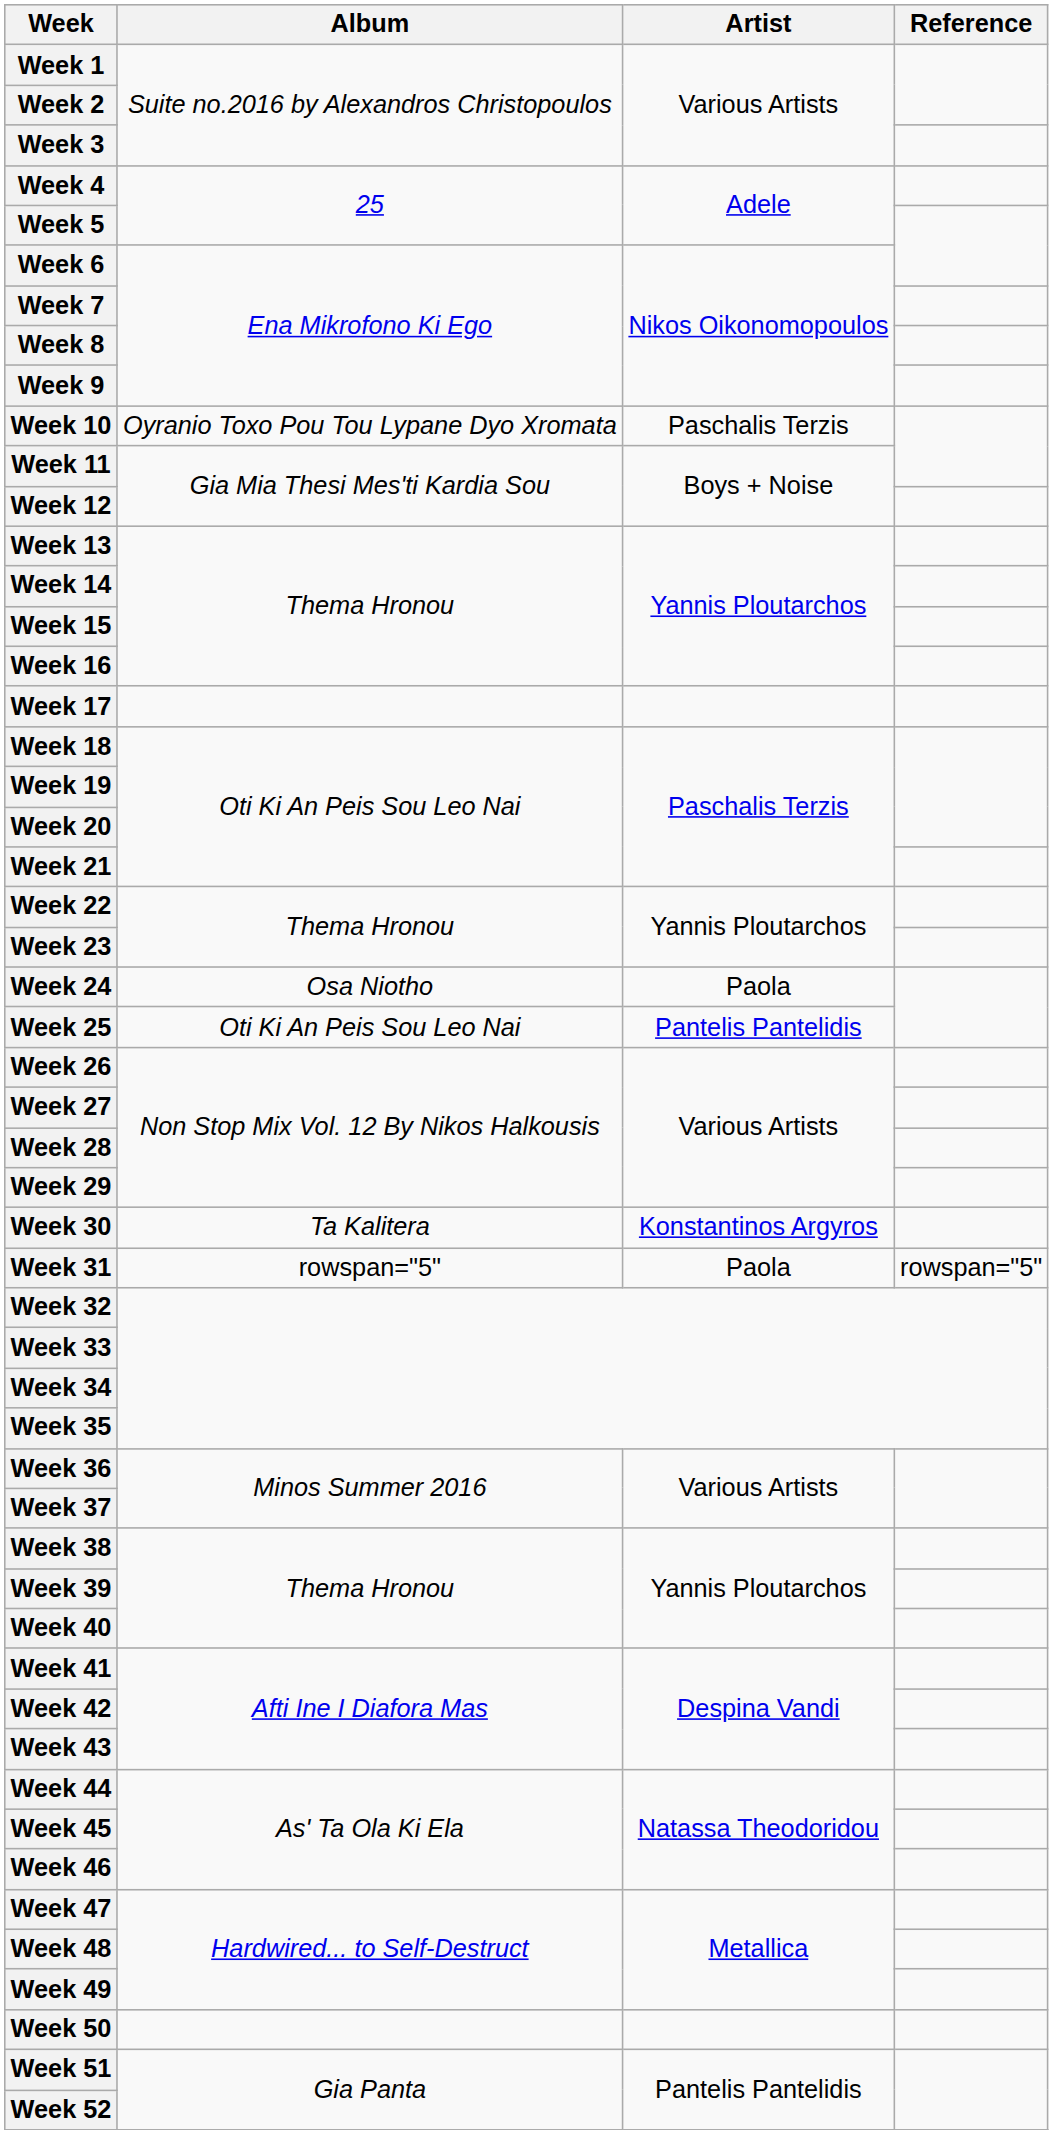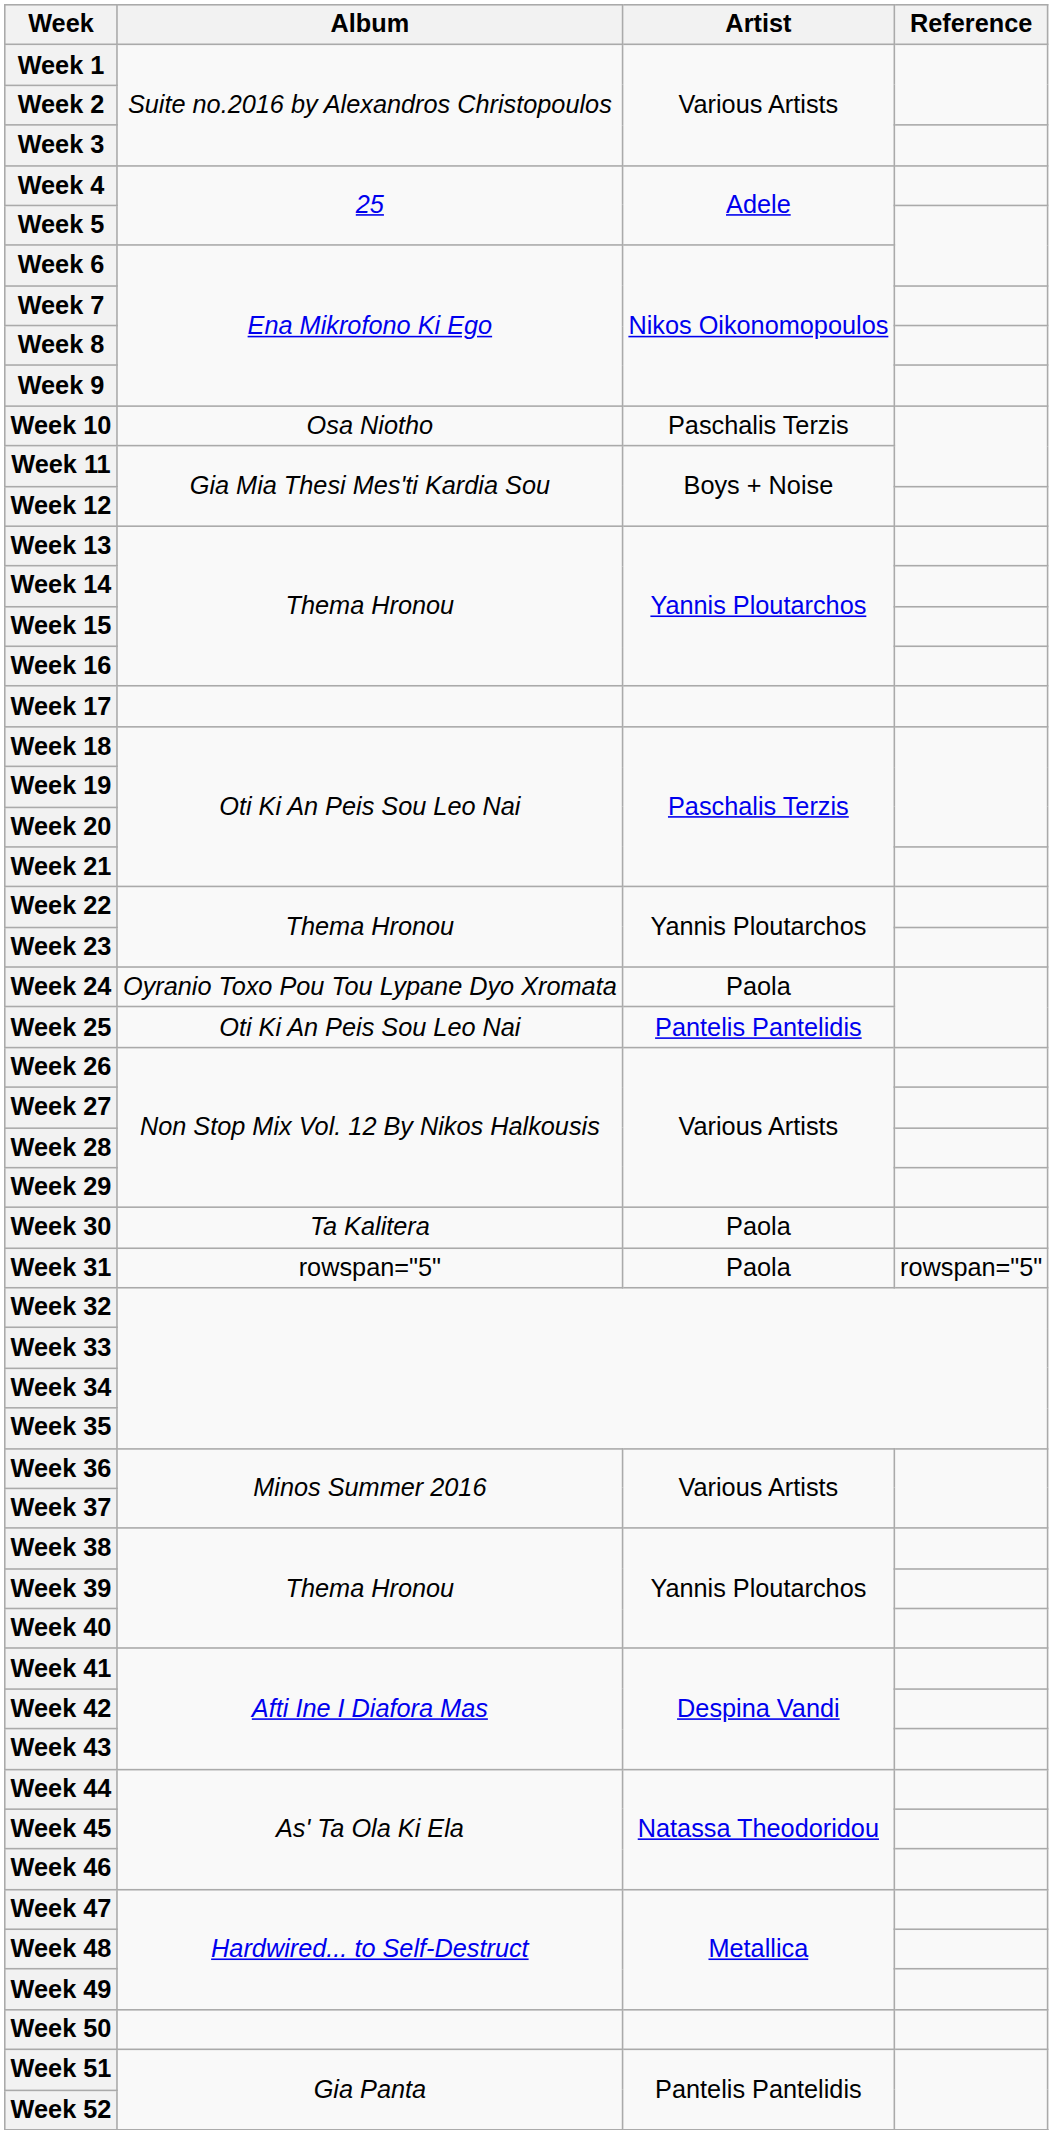 <table class="wikitable plainrowheaders" style="text-align:center;">
 <tr>
 <th>Week</th>
 <th>Album</th>
 <th>Artist</th>
 <th>Reference</th>
 </tr>
 <tr>
 <th scope="row">Week 1</th>
 <td rowspan="3"><em>Suite no.2016 by Alexandros Christopoulos</em></td>
 <td rowspan="3">Various Artists</td>
 <td rowspan="2"></td>
 </tr>
 <tr>
 <th scope="row">Week 2</th>
 </tr>
 <tr>
 <th scope="row">Week 3</th>
 <td></td>
 </tr>
 <tr>
 <th scope="row">Week 4</th>
 <td rowspan="2"><em><a href='#'>25</a></em></td>
 <td rowspan="2"><a href='#'>Adele</a></td>
 <td></td>
 </tr>
 <tr>
 <th scope="row">Week 5</th>
 <td rowspan="2"></td>
 </tr>
 <tr>
 <th scope="row">Week 6</th>
 <td rowspan="4"><em><a href='#'>Ena Mikrofono Ki Ego</a></em></td>
 <td rowspan="4"><a href='#'>Nikos Oikonomopoulos</a></td>
 </tr>
 <tr>
 <th scope="row">Week 7</th>
 <td></td>
 </tr>
 <tr>
 <th scope="row">Week 8</th>
 <td></td>
 </tr>
 <tr>
 <th scope="row">Week 9</th>
 <td></td>
 </tr>
 <tr>
 <th scope="row">Week 10</th>
-<td><em>Oyranio Toxo Pou Tou Lypane Dyo Xromata</em></td>
+<td><em>Osa Niotho</em></td>
 <td>Paschalis Terzis</td>
 <td rowspan="2"></td>
 </tr>
 <tr>
 <th scope="row">Week 11</th>
 <td rowspan="2"><em>Gia Mia Thesi Mes'ti Kardia Sou</em></td>
 <td rowspan="2">Boys + Noise</td>
 </tr>
 <tr>
 <th scope="row">Week 12</th>
 <td></td>
 </tr>
 <tr>
 <th scope="row">Week 13</th>
 <td rowspan="4"><em>Thema Hronou</em></td>
 <td rowspan="4"><a href='#'>Yannis Ploutarchos</a></td>
 <td></td>
 </tr>
 <tr>
 <th scope="row">Week 14</th>
 <td></td>
 </tr>
 <tr>
 <th scope="row">Week 15</th>
 <td></td>
 </tr>
 <tr>
 <th scope="row">Week 16</th>
 <td></td>
 </tr>
 <tr>
 <th scope="row">Week 17</th>
 <td></td>
 <td></td>
 <td></td>
 </tr>
 <tr>
 <th scope="row">Week 18</th>
 <td rowspan="4"><em>Oti Ki An Peis Sou Leo Nai</em></td>
 <td rowspan="4"><a href='#'>Paschalis Terzis</a></td>
 <td rowspan="3"></td>
 </tr>
 <tr>
 <th scope="row">Week 19</th>
 </tr>
 <tr>
 <th scope="row">Week 20</th>
 </tr>
 <tr>
 <th scope="row">Week 21</th>
 <td></td>
 </tr>
 <tr>
 <th scope="row">Week 22</th>
 <td rowspan="2"><em>Thema Hronou</em></td>
 <td rowspan="2">Yannis Ploutarchos</td>
 <td></td>
 </tr>
 <tr>
 <th scope="row">Week 23</th>
 <td></td>
 </tr>
 <tr>
 <th scope="row">Week 24</th>
-<td><em>Osa Niotho</em></td>
+<td><em>Oyranio Toxo Pou Tou Lypane Dyo Xromata</em></td>
 <td>Paola</td>
 <td rowspan="2"></td>
 </tr>
 <tr>
 <th scope="row">Week 25</th>
 <td><em>Oti Ki An Peis Sou Leo Nai</em></td>
 <td><a href='#'>Pantelis Pantelidis</a></td>
 </tr>
 <tr>
 <th scope="row">Week 26</th>
 <td rowspan="4"><em>Non Stop Mix Vol. 12 By Nikos Halkousis</em></td>
 <td rowspan="4">Various Artists</td>
 <td></td>
 </tr>
 <tr>
 <th scope="row">Week 27</th>
 <td></td>
 </tr>
 <tr>
 <th scope="row">Week 28</th>
 <td></td>
 </tr>
 <tr>
 <th scope="row">Week 29</th>
 <td></td>
 </tr>
 <tr>
 <th scope="row">Week 30</th>
 <td><em>Ta Kalitera</em></td>
-<td><a href='#'>Konstantinos Argyros</a></td>
+<td>Paola</td>
 <td></td>
 </tr>
 <tr>
 <th scope="row">Week 31</th>
 <td>rowspan="5" </td>
 <td>Paola</td>
 <td>rowspan="5" </td>
 </tr>
 <tr>
 <th scope="row">Week 32</th>
 </tr>
 <tr>
 <th scope="row">Week 33</th>
 </tr>
 <tr>
 <th scope="row">Week 34</th>
 </tr>
 <tr>
 <th scope="row">Week 35</th>
 </tr>
 <tr>
 <th scope="row">Week 36</th>
 <td rowspan="2"><em>Minos Summer 2016</em></td>
 <td rowspan="2">Various Artists</td>
 <td rowspan="2"></td>
 </tr>
 <tr>
 <th scope="row">Week 37</th>
 </tr>
 <tr>
 <th scope="row">Week 38</th>
 <td rowspan="3"><em>Thema Hronou</em></td>
 <td rowspan="3">Yannis Ploutarchos</td>
 <td></td>
 </tr>
 <tr>
 <th scope="row">Week 39</th>
 <td></td>
 </tr>
 <tr>
 <th scope="row">Week 40</th>
 <td></td>
 </tr>
 <tr>
 <th scope="row">Week 41</th>
 <td rowspan="3"><em><a href='#'>Afti Ine I Diafora Mas</a></em></td>
 <td rowspan="3"><a href='#'>Despina Vandi</a></td>
 <td></td>
 </tr>
 <tr>
 <th scope="row">Week 42</th>
 <td></td>
 </tr>
 <tr>
 <th scope="row">Week 43</th>
 <td></td>
 </tr>
 <tr>
 <th scope="row">Week 44</th>
 <td rowspan="3"><em>As' Ta Ola Ki Ela</em></td>
 <td rowspan="3"><a href='#'>Natassa Theodoridou</a></td>
 <td></td>
 </tr>
 <tr>
 <th scope="row">Week 45</th>
 <td></td>
 </tr>
 <tr>
 <th scope="row">Week 46</th>
 <td></td>
 </tr>
 <tr>
 <th scope="row">Week 47</th>
 <td rowspan="3"><em><a href='#'>Hardwired... to Self-Destruct</a></em></td>
 <td rowspan="3"><a href='#'>Metallica</a></td>
 <td></td>
 </tr>
 <tr>
 <th scope="row">Week 48</th>
 <td></td>
 </tr>
 <tr>
 <th scope="row">Week 49</th>
 <td></td>
 </tr>
 <tr>
 <th scope="row">Week 50</th>
 <td></td>
 <td></td>
 <td></td>
 </tr>
 <tr>
 <th scope="row">Week 51</th>
 <td rowspan="2"><em>Gia Panta</em></td>
 <td rowspan="2">Pantelis Pantelidis</td>
 <td rowspan="2"></td>
 </tr>
 <tr>
 <th scope="row">Week 52</th>
 </tr>
 <tr>
 </tr>
 </table>
